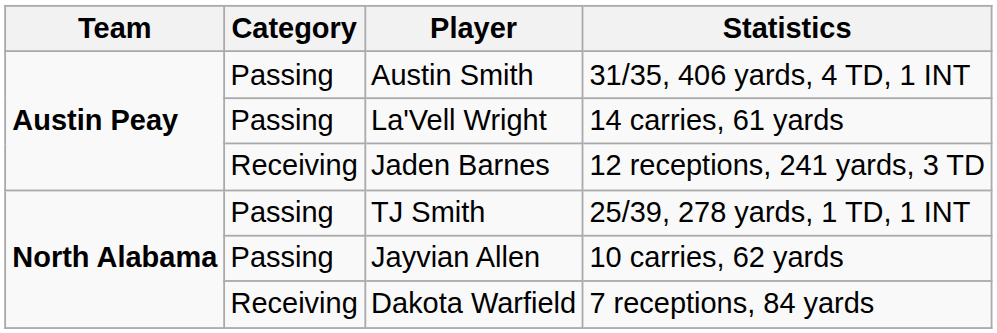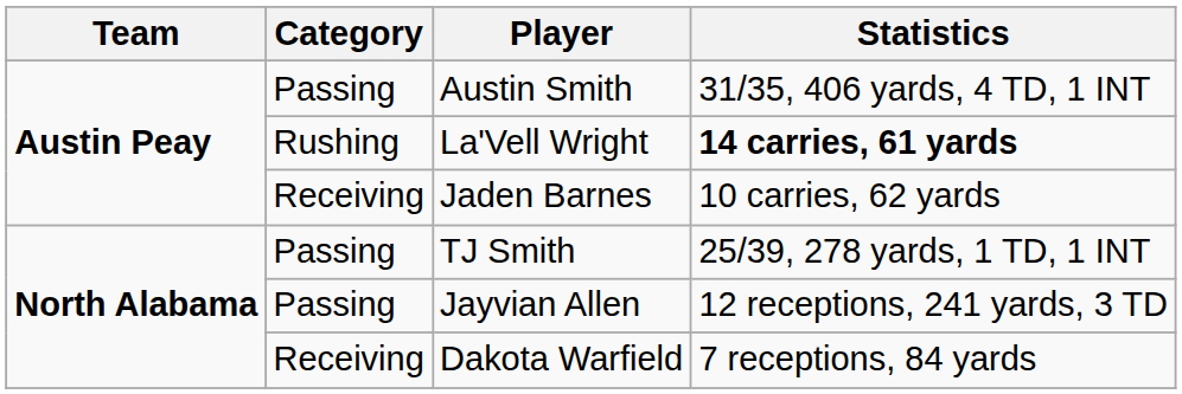 <table class="wikitable" style="float: right;">
 <tr>
 <th>Team</th>
 <th>Category</th>
 <th>Player</th>
 <th>Statistics</th>
 </tr>
 <tr>
 <td rowspan=3><strong>Austin Peay</strong></td>
 <td>Passing</td>
 <td>Austin Smith</td>
 <td>31/35, 406 yards, 4 TD, 1 INT</td>
 </tr>
 <tr>
-<td>Passing</td>
+<td>Rushing</td>
 <td>La'Vell Wright</td>
-<td>14 carries, 61 yards</td>
+<td><strong>14 carries, 61 yards</strong></td>
 </tr>
 <tr>
 <td>Receiving</td>
 <td>Jaden Barnes</td>
-<td>12 receptions, 241 yards, 3 TD</td>
+<td>10 carries, 62 yards</td>
 </tr>
 <tr>
 <td rowspan=3><strong>North Alabama</strong></td>
 <td>Passing</td>
 <td>TJ Smith</td>
 <td>25/39, 278 yards, 1 TD, 1 INT</td>
 </tr>
 <tr>
 <td>Passing</td>
 <td>Jayvian Allen</td>
-<td>10 carries, 62 yards</td>
+<td>12 receptions, 241 yards, 3 TD</td>
 </tr>
 <tr>
 <td>Receiving</td>
 <td>Dakota Warfield</td>
 <td>7 receptions, 84 yards</td>
 </tr>
 </table>
